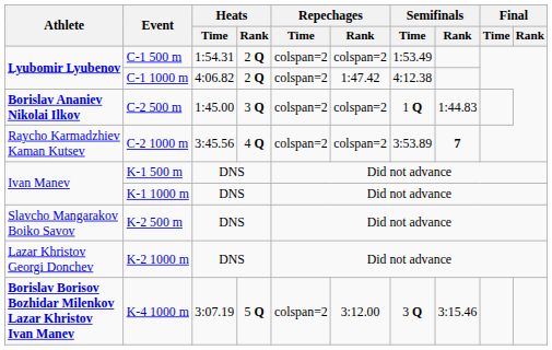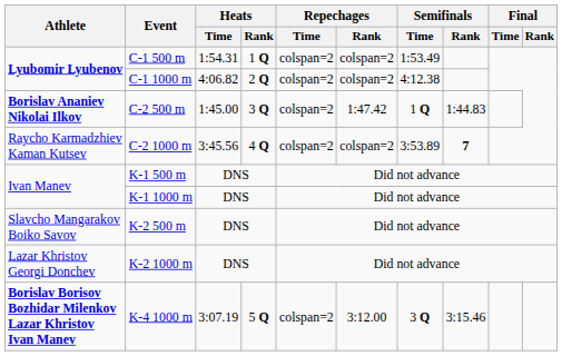 <table class="wikitable" style="font-size:90%; text-align:center;">
 <tr>
 <th rowspan=2>Athlete</th>
 <th rowspan=2>Event</th>
 <th colspan=2>Heats</th>
 <th colspan=2>Repechages</th>
 <th colspan=2>Semifinals</th>
 <th colspan=2>Final</th>
 </tr>
 <tr style="font-size:95%">
 <th>Time</th>
 <th>Rank</th>
 <th>Time</th>
 <th>Rank</th>
 <th>Time</th>
 <th>Rank</th>
 <th>Time</th>
 <th>Rank</th>
 </tr>
 <tr>
 <td align=left rowspan=2><strong><a href='#'>Lyubomir Lyubenov</a></strong></td>
 <td align=left><a href='#'>C-1 500 m</a></td>
 <td>1:54.31</td>
-<td>2 <strong>Q</strong></td>
+<td>1 <strong>Q</strong></td>
 <td>colspan=2 </td>
 <td>colspan=2 </td>
 <td>1:53.49</td>
 <td></td>
 </tr>
 <tr>
 <td align=left><a href='#'>C-1 1000 m</a></td>
 <td>4:06.82</td>
 <td>2 <strong>Q</strong></td>
 <td>colspan=2 </td>
-<td>1:47.42</td>
+<td>colspan=2 </td>
 <td>4:12.38</td>
 <td></td>
 </tr>
 <tr>
 <td align=left rowspan=1><strong><a href='#'>Borislav Ananiev</a><br><a href='#'>Nikolai Ilkov</a></strong></td>
 <td align=left><a href='#'>C-2 500 m</a></td>
 <td>1:45.00</td>
 <td>3 <strong>Q</strong></td>
 <td>colspan=2 </td>
-<td>colspan=2 </td>
+<td>1:47.42</td>
 <td>1 <strong>Q</strong></td>
 <td>1:44.83</td>
 <td></td>
 </tr>
 <tr>
 <td align=left rowspan=1><a href='#'>Raycho Karmadzhiev</a><br><a href='#'>Kaman Kutsev</a></td>
 <td align=left><a href='#'>C-2 1000 m</a></td>
 <td>3:45.56</td>
 <td>4 <strong>Q</strong></td>
 <td>colspan=2 </td>
 <td>colspan=2 </td>
 <td>3:53.89</td>
 <td><strong>7</strong></td>
 </tr>
 <tr>
 <td align=left rowspan=2><a href='#'>Ivan Manev</a></td>
 <td align=left><a href='#'>K-1 500 m</a></td>
 <td colspan=2>DNS</td>
 <td colspan=6>Did not advance</td>
 </tr>
 <tr>
 <td align=left><a href='#'>K-1 1000 m</a></td>
 <td colspan=2>DNS</td>
 <td colspan=6>Did not advance</td>
 </tr>
 <tr>
 <td align=left rowspan=1><a href='#'>Slavcho Mangarakov</a><br> <a href='#'>Boiko Savov</a></td>
 <td align=left><a href='#'>K-2 500 m</a></td>
 <td colspan=2>DNS</td>
 <td colspan=6>Did not advance</td>
 </tr>
 <tr>
 <td align=left rowspan=1><a href='#'>Lazar Khristov</a><br> <a href='#'>Georgi Donchev</a></td>
 <td align=left><a href='#'>K-2 1000 m</a></td>
 <td colspan=2>DNS</td>
 <td colspan=6>Did not advance</td>
 </tr>
 <tr>
 <td align=left><strong><a href='#'>Borislav Borisov</a><br> <a href='#'>Bozhidar Milenkov</a><br><a href='#'>Lazar Khristov</a><br><a href='#'>Ivan Manev</a></strong></td>
 <td align=left><a href='#'>K-4 1000 m</a></td>
 <td>3:07.19</td>
 <td>5 <strong>Q</strong></td>
 <td>colspan=2 </td>
 <td>3:12.00</td>
 <td>3 <strong>Q</strong></td>
 <td>3:15.46</td>
 <td></td>
 </tr>
 </table>
